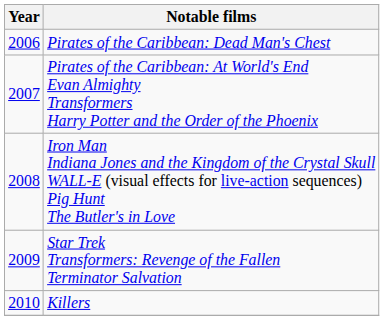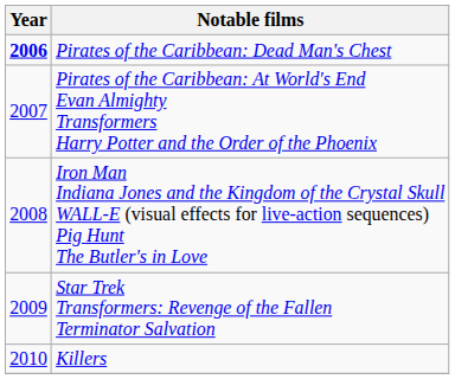 <table class="wikitable">
 <tr>
 <th>Year</th>
 <th>Notable films</th>
 </tr>
 <tr>
-<td><a href='#'>2006</a></td>
+<td><strong><a href='#'>2006</a></strong></td>
 <td><em><a href='#'>Pirates of the Caribbean: Dead Man's Chest</a></em></td>
 </tr>
 <tr>
 <td><a href='#'>2007</a></td>
 <td><em><a href='#'>Pirates of the Caribbean: At World's End</a></em><br><em><a href='#'>Evan Almighty</a></em><br><em><a href='#'>Transformers</a></em><br><em><a href='#'>Harry Potter and the Order of the Phoenix</a></em></td>
 </tr>
 <tr>
 <td><a href='#'>2008</a></td>
 <td><em><a href='#'>Iron Man</a></em><br><em><a href='#'>Indiana Jones and the Kingdom of the Crystal Skull</a></em><br><em><a href='#'>WALL-E</a></em> (visual effects for <a href='#'>live-action</a> sequences)<br><em><a href='#'>Pig Hunt</a></em><br><em><a href='#'>The Butler's in Love</a></em></td>
 </tr>
 <tr>
 <td><a href='#'>2009</a></td>
 <td><em><a href='#'>Star Trek</a></em><br><em><a href='#'>Transformers: Revenge of the Fallen</a></em><br><em><a href='#'>Terminator Salvation</a></em></td>
 </tr>
 <tr>
 <td><a href='#'>2010</a></td>
 <td><em><a href='#'>Killers</a></em></td>
 </tr>
 <tr>
 </tr>
 </table>
